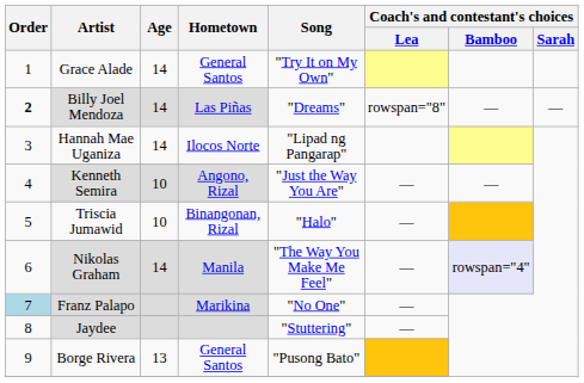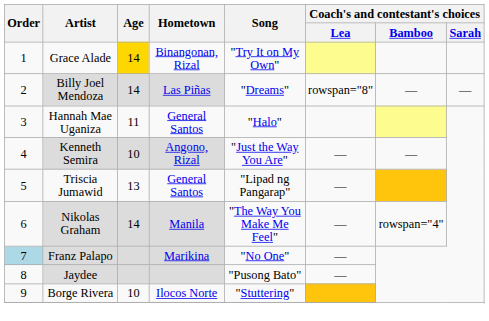 <table class="wikitable" style="text-align:center; line-height:17px; font-size:100%; width:100%;">
 <tr>
 <th scope="col" rowspan="2" width="05%">Order</th>
 <th scope="col" rowspan="2" width="23%">Artist</th>
 <th scope="col" rowspan="2" width="08%">Age</th>
 <th scope="col" rowspan="2" width="18%">Hometown</th>
 <th scope="col" rowspan="2" width="22%">Song</th>
 <th scope="col" colspan="3" width="24%">Coach's and contestant's choices</th>
 </tr>
 <tr>
 <th width="08%"><a href='#'>Lea</a></th>
 <th width="08%"><a href='#'>Bamboo</a></th>
 <th width="08%"><a href='#'>Sarah</a></th>
 </tr>
 <tr>
 <td scope="row">1</td>
 <td>Grace Alade</td>
-<td>14</td>
-<td><a href='#'>General Santos</a></td>
+<td style="background: gold;">14</td>
+<td><a href='#'>Binangonan, Rizal</a></td>
 <td>"<a href='#'>Try It on My Own</a>"</td>
 <td style="background:#fdfc8f;"><strong></strong></td>
 <td><strong></strong></td>
 <td><strong></strong></td>
 </tr>
 <tr>
-<td scope="row"><strong>2</strong></td>
+<td scope="row">2</td>
 <td style="background:#DCDCDC;">Billy Joel Mendoza</td>
 <td style="background:#DCDCDC;">14</td>
 <td style="background:#DCDCDC;"><a href='#'>Las Piñas</a></td>
 <td>"<a href='#'>Dreams</a>"</td>
 <td>rowspan="8" </td>
 <td>—</td>
 <td>—</td>
 </tr>
 <tr>
 <td scope="row">3</td>
 <td>Hannah Mae Uganiza</td>
-<td>14</td>
-<td><a href='#'>Ilocos Norte</a></td>
-<td>"Lipad ng Pangarap"</td>
+<td>11</td>
+<td><a href='#'>General Santos</a></td>
+<td>"<a href='#'>Halo</a>"</td>
 <td><strong></strong></td>
 <td style="background:#fdfc8f;"><strong></strong></td>
 </tr>
 <tr>
 <td scope="row">4</td>
 <td style="background:#DCDCDC;">Kenneth Semira</td>
 <td style="background:#DCDCDC;">10</td>
 <td style="background:#DCDCDC;"><a href='#'>Angono, Rizal</a></td>
 <td>"<a href='#'>Just the Way You Are</a>"</td>
 <td>—</td>
 <td>—</td>
 </tr>
 <tr>
 <td scope="row">5</td>
 <td>Triscia Jumawid</td>
-<td>10</td>
-<td><a href='#'>Binangonan, Rizal</a></td>
-<td>"<a href='#'>Halo</a>"</td>
+<td>13</td>
+<td><a href='#'>General Santos</a></td>
+<td>"Lipad ng Pangarap"</td>
 <td>—</td>
 <td style="background:#FFC40C;"><strong></strong></td>
 </tr>
 <tr>
 <td scope="row">6</td>
 <td style="background:#DCDCDC;">Nikolas Graham</td>
 <td style="background:#DCDCDC;">14</td>
 <td style="background:#DCDCDC;"><a href='#'>Manila</a></td>
 <td>"<a href='#'>The Way You Make Me Feel</a>"</td>
 <td>—</td>
-<td style="background: lavender;">rowspan="4" </td>
+<td>rowspan="4" </td>
 </tr>
 <tr>
 <td scope="row" style="background: lightblue;">7</td>
 <td style="background:#DCDCDC;">Franz Palapo</td>
 <td style="background:#DCDCDC;"></td>
 <td style="background:#DCDCDC;"><a href='#'>Marikina</a></td>
 <td>"<a href='#'>No One</a>"</td>
 <td>—</td>
 </tr>
 <tr>
 <td scope="row">8</td>
 <td style="background:#DCDCDC;">Jaydee</td>
 <td style="background:#DCDCDC;"></td>
 <td style="background:#DCDCDC;"></td>
-<td>"<a href='#'>Stuttering</a>"</td>
+<td>"Pusong Bato"</td>
 <td>—</td>
 </tr>
 <tr>
 <td scope="row">9</td>
 <td>Borge Rivera</td>
-<td>13</td>
-<td><a href='#'>General Santos</a></td>
-<td>"Pusong Bato"</td>
+<td>10</td>
+<td><a href='#'>Ilocos Norte</a></td>
+<td>"<a href='#'>Stuttering</a>"</td>
 <td style="background:#FFC40C;"><strong></strong></td>
 </tr>
 <tr>
 </tr>
 </table>
